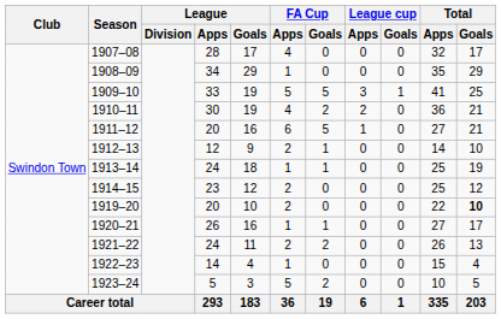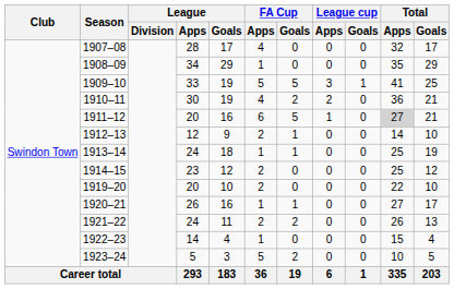 <table class="wikitable" style="text-align:center">
 <tr>
 <th rowspan="2">Club</th>
 <th rowspan="2">Season</th>
 <th colspan="3">League</th>
 <th colspan="2"><a href='#'>FA Cup</a></th>
 <th colspan="2"><a href='#'>League cup</a></th>
 <th colspan="2">Total</th>
 </tr>
 <tr>
 <th>Division</th>
 <th>Apps</th>
 <th>Goals</th>
 <th>Apps</th>
 <th>Goals</th>
 <th>Apps</th>
 <th>Goals</th>
 <th>Apps</th>
 <th>Goals</th>
 </tr>
 <tr>
 <td rowspan="13"><a href='#'>Swindon Town</a></td>
 <td>1907–08</td>
 <td rowspan="13"></td>
 <td>28</td>
 <td>17</td>
 <td>4</td>
 <td>0</td>
 <td>0</td>
 <td>0</td>
 <td>32</td>
 <td>17</td>
 </tr>
 <tr>
 <td>1908–09</td>
 <td>34</td>
 <td>29</td>
 <td>1</td>
 <td>0</td>
 <td>0</td>
 <td>0</td>
 <td>35</td>
 <td>29</td>
 </tr>
 <tr>
 <td>1909–10</td>
 <td>33</td>
 <td>19</td>
 <td>5</td>
 <td>5</td>
 <td>3</td>
 <td>1</td>
 <td>41</td>
 <td>25</td>
 </tr>
 <tr>
 <td>1910–11</td>
 <td>30</td>
 <td>19</td>
 <td>4</td>
 <td>2</td>
 <td>2</td>
 <td>0</td>
 <td>36</td>
 <td>21</td>
 </tr>
 <tr>
 <td>1911–12</td>
 <td>20</td>
 <td>16</td>
 <td>6</td>
 <td>5</td>
 <td>1</td>
 <td>0</td>
-<td>27</td>
+<td style="background: lightgrey;">27</td>
 <td>21</td>
 </tr>
 <tr>
 <td>1912–13</td>
 <td>12</td>
 <td>9</td>
 <td>2</td>
 <td>1</td>
 <td>0</td>
 <td>0</td>
 <td>14</td>
 <td>10</td>
 </tr>
 <tr>
 <td>1913–14</td>
 <td>24</td>
 <td>18</td>
 <td>1</td>
 <td>1</td>
 <td>0</td>
 <td>0</td>
 <td>25</td>
 <td>19</td>
 </tr>
 <tr>
 <td>1914–15</td>
 <td>23</td>
 <td>12</td>
 <td>2</td>
 <td>0</td>
 <td>0</td>
 <td>0</td>
 <td>25</td>
 <td>12</td>
 </tr>
 <tr>
 <td>1919–20</td>
 <td>20</td>
 <td>10</td>
 <td>2</td>
 <td>0</td>
 <td>0</td>
 <td>0</td>
 <td>22</td>
-<td><strong>10</strong></td>
+<td>10</td>
 </tr>
 <tr>
 <td>1920–21</td>
 <td>26</td>
 <td>16</td>
 <td>1</td>
 <td>1</td>
 <td>0</td>
 <td>0</td>
 <td>27</td>
 <td>17</td>
 </tr>
 <tr>
 <td>1921–22</td>
 <td>24</td>
 <td>11</td>
 <td>2</td>
 <td>2</td>
 <td>0</td>
 <td>0</td>
 <td>26</td>
 <td>13</td>
 </tr>
 <tr>
 <td>1922–23</td>
 <td>14</td>
 <td>4</td>
 <td>1</td>
 <td>0</td>
 <td>0</td>
 <td>0</td>
 <td>15</td>
 <td>4</td>
 </tr>
 <tr>
 <td>1923–24</td>
 <td>5</td>
 <td>3</td>
 <td>5</td>
 <td>2</td>
 <td>0</td>
 <td>0</td>
 <td>10</td>
 <td>5</td>
 </tr>
 <tr>
 <th colspan="3">Career total</th>
 <th>293</th>
 <th>183</th>
 <th>36</th>
 <th>19</th>
 <th>6</th>
 <th>1</th>
 <th>335</th>
 <th>203</th>
 </tr>
 </table>
